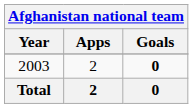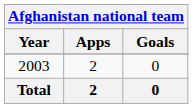 <table class="wikitable" style="text-align:center">
 <tr>
 <th colspan=3><a href='#'>Afghanistan national team</a></th>
 </tr>
 <tr>
 <th>Year</th>
 <th>Apps</th>
 <th>Goals</th>
 </tr>
 <tr>
 </tr>
 <tr>
 <td>2003</td>
 <td>2</td>
-<td><strong>0</strong></td>
+<td>0</td>
 </tr>
 <tr>
 <th>Total</th>
 <th>2</th>
 <th>0</th>
 </tr>
 </table>
